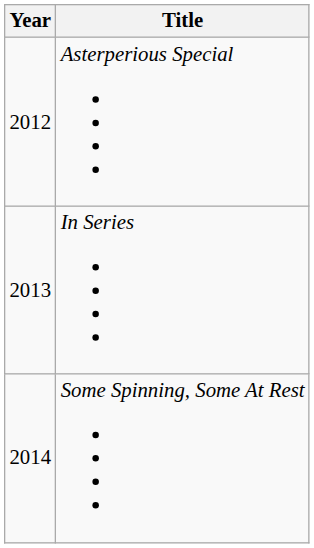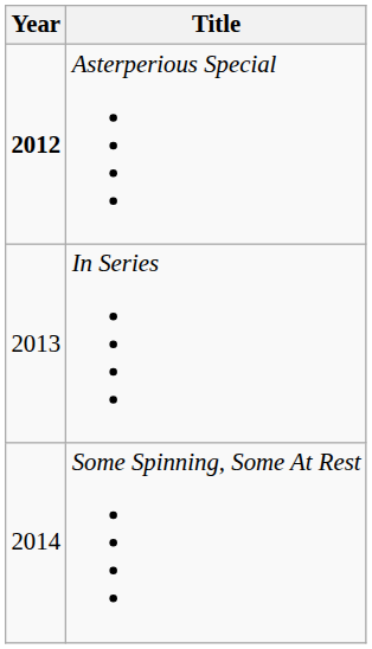 <table class="wikitable">
 <tr>
 <th rowspan="1">Year</th>
 <th rowspan="1">Title</th>
 </tr>
 <tr>
-<td>2012</td>
+<td><strong>2012</strong></td>
 <td><em>Asterperious Special</em><br><ul><li></li><li></li><li></li><li></li></ul></td>
 </tr>
 <tr>
 <td>2013</td>
 <td><em>In Series</em><br><ul><li></li><li></li><li></li><li></li></ul></td>
 </tr>
 <tr>
 <td>2014</td>
 <td><em>Some Spinning, Some At Rest </em><br><ul><li></li><li></li><li></li><li></li></ul></td>
 </tr>
 </table>
